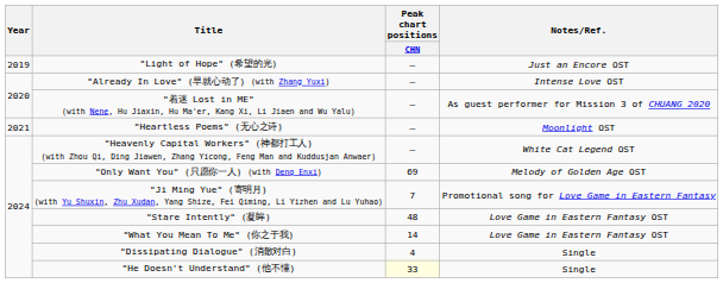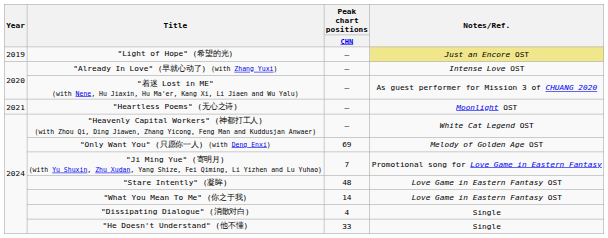 <table class="wikitable plainrowheaders" style="text-align:center;">
 <tr>
 <th rowspan="2" scope="col">Year</th>
 <th rowspan="2" scope="col">Title</th>
 <th>Peak chart positions</th>
 <th rowspan="2" scope="col">Notes/Ref.</th>
 </tr>
 <tr>
 <th scope="col" style="width:3em;font-size:90%;"><a href='#'>CHN</a><br></th>
 </tr>
 <tr>
 <td>2019</td>
 <td>"Light of Hope" (希望的光)</td>
 <td>—</td>
-<td><em>Just an Encore</em> OST</td>
+<td style="background: khaki;"><em>Just an Encore</em> OST</td>
 </tr>
 <tr>
 <td rowspan="2">2020</td>
 <td>"Already In Love" (早就心动了) <small>(with <a href='#'>Zhang Yuxi</a>)</small></td>
 <td>—</td>
 <td><em>Intense Love</em> OST</td>
 </tr>
 <tr>
 <td>"着迷 Lost in ME"<br><small>(with <a href='#'>Nene</a>, Hu Jiaxin, Hu Ma'er, Kang Xi, Li Jiaen and Wu Yalu)</small></td>
 <td>—</td>
 <td>As guest performer for Mission 3 of <a href='#'><em>CHUANG 2020</em></a></td>
 </tr>
 <tr>
 <td>2021</td>
 <td>"Heartless Poems" (无心之诗)</td>
 <td>—</td>
 <td><em><a href='#'>Moonlight</a></em> OST</td>
 </tr>
 <tr>
 <td rowspan="7">2024</td>
 <td>"Heavenly Capital Workers" (神都打工人)<br><small>(with Zhou Qi, Ding Jiawen, Zhang Yicong, Feng Man and Kuddusjan Anwaer)</small></td>
 <td>—</td>
 <td><em>White Cat Legend</em> OST</td>
 </tr>
 <tr>
 <td>"Only Want You" (只愿你一人) <small>(with <a href='#'>Deng Enxi</a>)</small></td>
 <td>69</td>
 <td><em>Melody of Golden Age</em> OST</td>
 </tr>
 <tr>
 <td>"Ji Ming Yue" (寄明月)<br><small>(with <a href='#'>Yu Shuxin</a>, <a href='#'>Zhu Xudan</a>, Yang Shize, Fei Qiming, Li Yizhen and Lu Yuhao)</small></td>
 <td>7</td>
 <td>Promotional song for <em><a href='#'>Love Game in Eastern Fantasy</a></em></td>
 </tr>
 <tr>
 <td>"Stare Intently" (凝眸)</td>
 <td>48</td>
 <td><em>Love Game in Eastern Fantasy</em> OST</td>
 </tr>
 <tr>
 <td>"What You Mean To Me" (你之于我)</td>
 <td>14</td>
 <td><em>Love Game in Eastern Fantasy</em> OST</td>
 </tr>
 <tr>
 <td>"Dissipating Dialogue" (消散对白)</td>
 <td>4</td>
 <td>Single</td>
 </tr>
 <tr>
 <td>"He Doesn't Understand" (他不懂)</td>
-<td style="background: lightyellow;">33</td>
+<td>33</td>
 <td>Single</td>
 </tr>
 </table>
